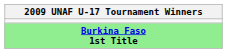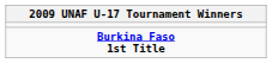 <table class="wikitable" style="text-align: center; margin: 0 auto; width: 20%">
 <tr>
 <th>2009 UNAF U-17 Tournament Winners</th>
 </tr>
 <tr>
 <td></td>
 </tr>
 <tr>
-<td style="background: lightgreen;"><strong><a href='#'>Burkina Faso</a></strong><br><strong>1st Title</strong></td>
+<td><strong><a href='#'>Burkina Faso</a></strong><br><strong>1st Title</strong></td>
 </tr>
 </table>
